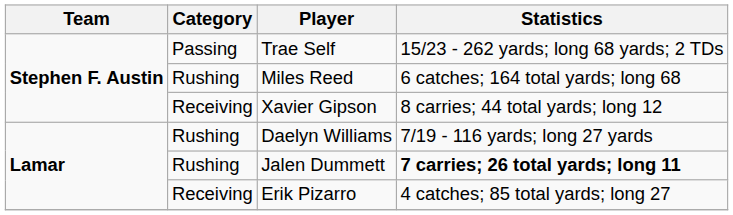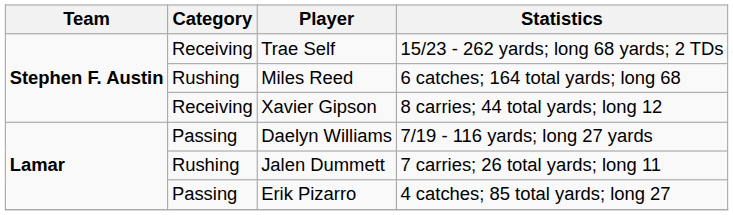 <table class="wikitable" style="float: right;">
 <tr>
 <th>Team</th>
 <th>Category</th>
 <th>Player</th>
 <th>Statistics</th>
 </tr>
 <tr>
 <td rowspan=3><strong>Stephen F. Austin</strong></td>
-<td>Passing</td>
+<td>Receiving</td>
 <td>Trae Self</td>
 <td>15/23 - 262 yards; long 68 yards; 2 TDs</td>
 </tr>
 <tr>
 <td>Rushing</td>
 <td>Miles Reed</td>
 <td>6 catches; 164 total yards; long 68</td>
 </tr>
 <tr>
 <td>Receiving</td>
 <td>Xavier Gipson</td>
 <td>8 carries; 44 total yards; long 12</td>
 </tr>
 <tr>
 <td rowspan=3><strong>Lamar</strong></td>
-<td>Rushing</td>
+<td>Passing</td>
 <td>Daelyn Williams</td>
 <td>7/19 - 116 yards; long 27 yards</td>
 </tr>
 <tr>
 <td>Rushing</td>
 <td>Jalen Dummett</td>
-<td><strong>7 carries; 26 total yards; long 11</strong></td>
+<td>7 carries; 26 total yards; long 11</td>
 </tr>
 <tr>
-<td>Receiving</td>
+<td>Passing</td>
 <td>Erik Pizarro</td>
 <td>4 catches; 85 total yards; long 27</td>
 </tr>
 <tr>
 </tr>
 </table>
